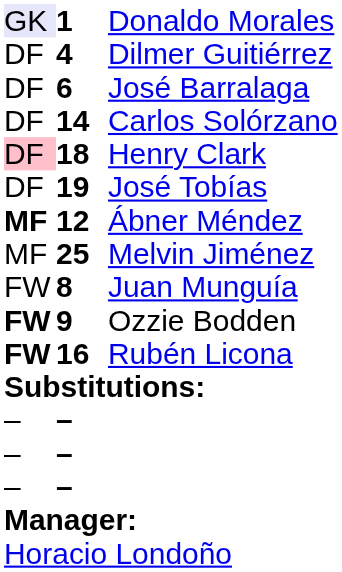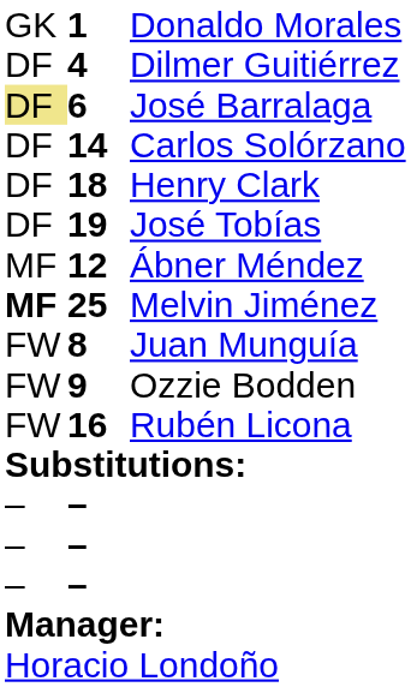 <table style = "font-size: 90%" cellspacing = "0" cellpadding = "0">
 <tr>
 <td colspan = 4></td>
 </tr>
 <tr>
 <th style="width:25px;"></th>
 <th style="width:25px;"></th>
 </tr>
 <tr>
-<td style="background: lavender;">GK</td>
+<td>GK</td>
 <td><strong>1</strong></td>
 <td> <a href='#'>Donaldo Morales</a></td>
 </tr>
 <tr>
 <td>DF</td>
 <td><strong>4</strong></td>
 <td> <a href='#'>Dilmer Guitiérrez</a></td>
 </tr>
 <tr>
-<td>DF</td>
+<td style="background: khaki;">DF</td>
 <td><strong>6</strong></td>
 <td> <a href='#'>José Barralaga</a></td>
 </tr>
 <tr>
 <td>DF</td>
 <td><strong>14</strong></td>
 <td> <a href='#'>Carlos Solórzano</a></td>
 </tr>
 <tr>
-<td style="background: pink;">DF</td>
+<td>DF</td>
 <td><strong>18</strong></td>
 <td> <a href='#'>Henry Clark</a></td>
 </tr>
 <tr>
 <td>DF</td>
 <td><strong>19</strong></td>
 <td> <a href='#'>José Tobías</a></td>
 </tr>
 <tr>
-<td><strong>MF</strong></td>
+<td>MF</td>
 <td><strong>12</strong></td>
 <td> <a href='#'>Ábner Méndez</a></td>
 </tr>
 <tr>
-<td>MF</td>
+<td><strong>MF</strong></td>
 <td><strong>25</strong></td>
 <td> <a href='#'>Melvin Jiménez</a></td>
 </tr>
 <tr>
 <td>FW</td>
 <td><strong>8</strong></td>
 <td> <a href='#'>Juan Munguía</a></td>
 </tr>
 <tr>
-<td><strong>FW</strong></td>
+<td>FW</td>
 <td><strong>9</strong></td>
 <td> Ozzie Bodden</td>
 </tr>
 <tr>
-<td><strong>FW</strong></td>
+<td>FW</td>
 <td><strong>16</strong></td>
 <td> <a href='#'>Rubén Licona</a></td>
 </tr>
 <tr>
 <td colspan = 3><strong>Substitutions:</strong></td>
 </tr>
 <tr>
 <td>–</td>
 <td><strong>–</strong></td>
 <td></td>
 </tr>
 <tr>
 <td>–</td>
 <td><strong>–</strong></td>
 <td></td>
 </tr>
 <tr>
 <td>–</td>
 <td><strong>–</strong></td>
 <td></td>
 </tr>
 <tr>
 <td colspan = 3><strong>Manager:</strong></td>
 </tr>
 <tr>
 <td colspan = 3> <a href='#'>Horacio Londoño</a></td>
 </tr>
 </table>
